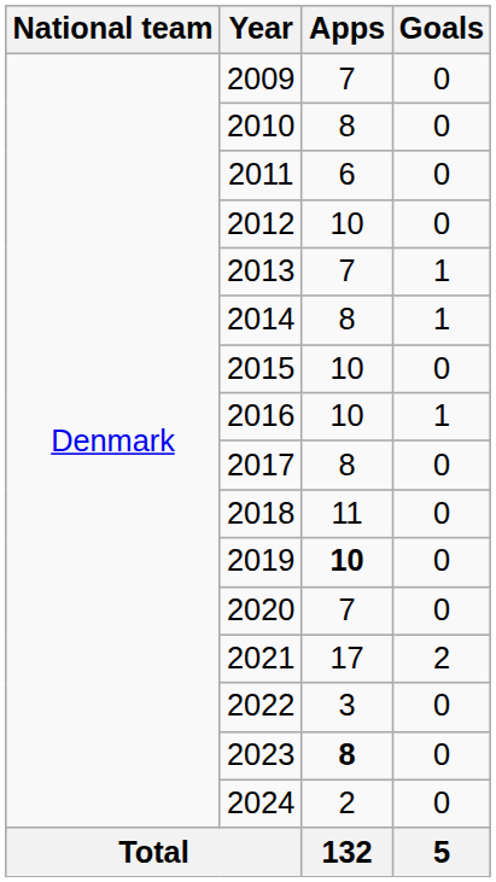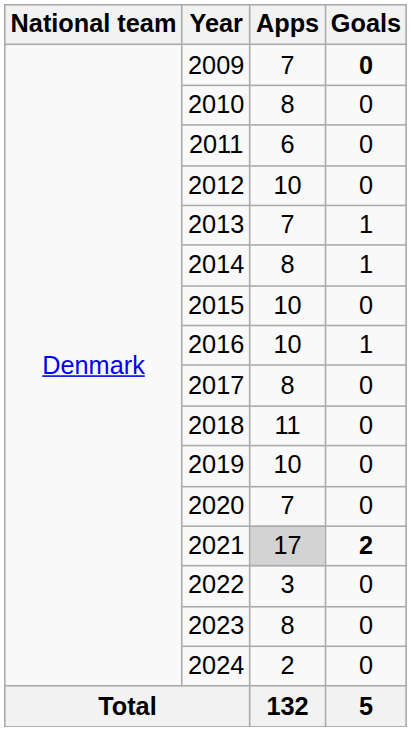 <table class="wikitable" style="text-align:center">
 <tr>
 <th>National team</th>
 <th>Year</th>
 <th>Apps</th>
 <th>Goals</th>
 </tr>
 <tr>
 <td rowspan="16"><a href='#'>Denmark</a></td>
 <td>2009</td>
 <td>7</td>
-<td>0</td>
+<td><strong>0</strong></td>
 </tr>
 <tr>
 <td>2010</td>
 <td>8</td>
 <td>0</td>
 </tr>
 <tr>
 <td>2011</td>
 <td>6</td>
 <td>0</td>
 </tr>
 <tr>
 <td>2012</td>
 <td>10</td>
 <td>0</td>
 </tr>
 <tr>
 <td>2013</td>
 <td>7</td>
 <td>1</td>
 </tr>
 <tr>
 <td>2014</td>
 <td>8</td>
 <td>1</td>
 </tr>
 <tr>
 <td>2015</td>
 <td>10</td>
 <td>0</td>
 </tr>
 <tr>
 <td>2016</td>
 <td>10</td>
 <td>1</td>
 </tr>
 <tr>
 <td>2017</td>
 <td>8</td>
 <td>0</td>
 </tr>
 <tr>
 <td>2018</td>
 <td>11</td>
 <td>0</td>
 </tr>
 <tr>
 <td>2019</td>
-<td><strong>10</strong></td>
+<td>10</td>
 <td>0</td>
 </tr>
 <tr>
 <td>2020</td>
 <td>7</td>
 <td>0</td>
 </tr>
 <tr>
 <td>2021</td>
-<td>17</td>
-<td>2</td>
+<td style="background: lightgrey;">17</td>
+<td><strong>2</strong></td>
 </tr>
 <tr>
 <td>2022</td>
 <td>3</td>
 <td>0</td>
 </tr>
 <tr>
 <td>2023</td>
-<td><strong>8</strong></td>
+<td>8</td>
 <td>0</td>
 </tr>
 <tr>
 <td>2024</td>
 <td>2</td>
 <td>0</td>
 </tr>
 <tr>
 <th colspan="2">Total</th>
 <th>132</th>
 <th>5</th>
 </tr>
 </table>
